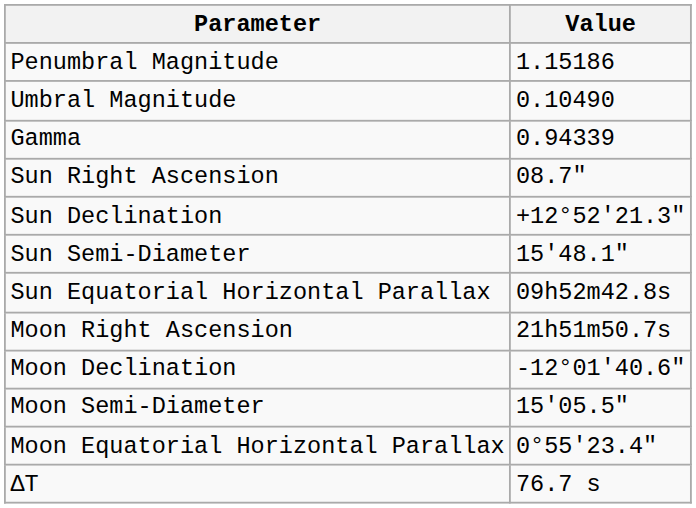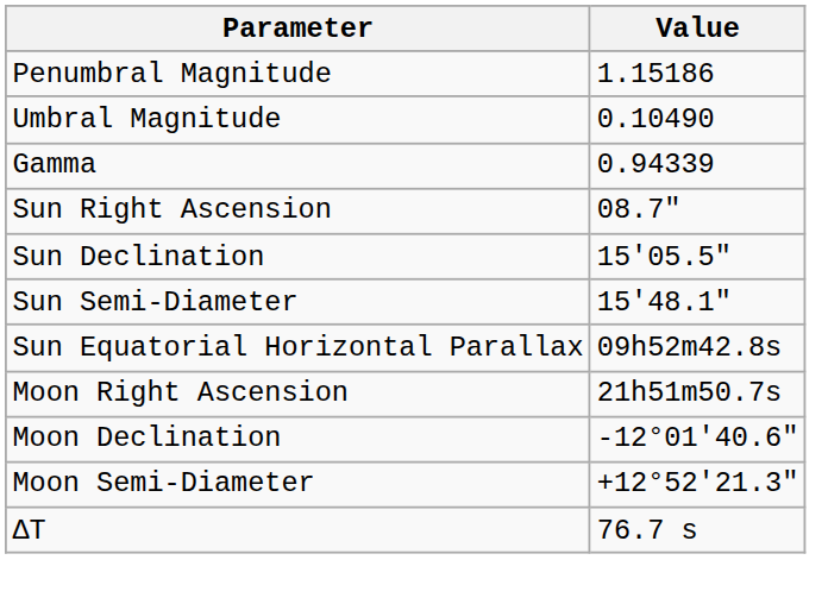 <table class="wikitable">
 <tr>
 <th>Parameter</th>
 <th>Value</th>
 </tr>
 <tr>
 <td>Penumbral Magnitude</td>
 <td>1.15186</td>
 </tr>
 <tr>
 <td>Umbral Magnitude</td>
 <td>0.10490</td>
 </tr>
 <tr>
 <td>Gamma</td>
 <td>0.94339</td>
 </tr>
 <tr>
 <td>Sun Right Ascension</td>
 <td>08.7"</td>
 </tr>
 <tr>
 <td>Sun Declination</td>
-<td>+12°52'21.3"</td>
+<td>15'05.5"</td>
 </tr>
 <tr>
 <td>Sun Semi-Diameter</td>
 <td>15'48.1"</td>
 </tr>
 <tr>
 <td>Sun Equatorial Horizontal Parallax</td>
 <td>09h52m42.8s</td>
 </tr>
 <tr>
 <td>Moon Right Ascension</td>
 <td>21h51m50.7s</td>
 </tr>
 <tr>
 <td>Moon Declination</td>
 <td>-12°01'40.6"</td>
 </tr>
 <tr>
 <td>Moon Semi-Diameter</td>
-<td>15'05.5"</td>
-</tr>
-<tr>
-<td>Moon Equatorial Horizontal Parallax</td>
-<td>0°55'23.4"</td>
+<td>+12°52'21.3"</td>
 </tr>
 <tr>
 <td>ΔT</td>
 <td>76.7 s</td>
 </tr>
 </table>
